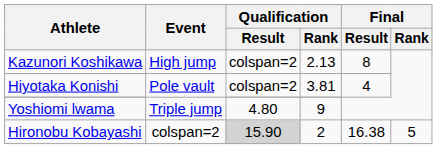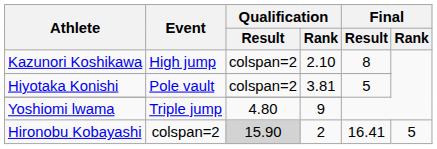 <table class="wikitable" style="font-size:90%">
 <tr>
 <th rowspan="2">Athlete</th>
 <th rowspan="2">Event</th>
 <th colspan="2">Qualification</th>
 <th colspan="2">Final</th>
 </tr>
 <tr style="font-size:95%">
 <th>Result</th>
 <th>Rank</th>
 <th>Result</th>
 <th>Rank</th>
 </tr>
 <tr align=center>
 <td align=left><a href='#'>Kazunori Koshikawa</a></td>
 <td align=left><a href='#'>High jump</a></td>
 <td>colspan=2 </td>
-<td>2.13</td>
+<td>2.10</td>
 <td>8</td>
 </tr>
 <tr>
 </tr>
 <tr align=center>
 <td align=left><a href='#'>Hiyotaka Konishi</a></td>
 <td align=left rowspan=2><a href='#'>Pole vault</a></td>
 <td>colspan=2 </td>
 <td>3.81</td>
-<td>4</td>
+<td>5</td>
 </tr>
 <tr>
 </tr>
 <tr align=center>
 <td align=left><a href='#'>Yoshiomi lwama</a></td>
 <td align=left><a href='#'>Triple jump</a></td>
 <td>4.80</td>
 <td>9</td>
 </tr>
 <tr align=center>
 <td align=left><a href='#'>Hironobu Kobayashi</a></td>
 <td>colspan=2 </td>
 <td style="background: lightgrey;">15.90</td>
 <td>2</td>
-<td>16.38</td>
+<td>16.41</td>
 <td>5</td>
 </tr>
 </table>
